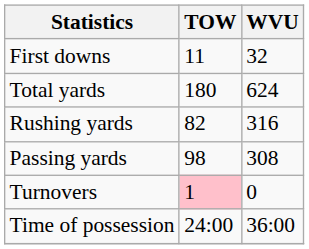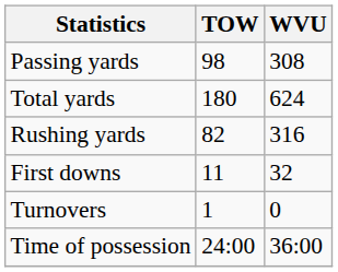 <table class="wikitable" style="float: left;">
 <tr>
 <th>Statistics</th>
 <th>TOW</th>
 <th>WVU</th>
 </tr>
 <tr>
-<td>First downs</td>
-<td>11</td>
-<td>32</td>
+<td>Passing yards</td>
+<td>98</td>
+<td>308</td>
 </tr>
 <tr>
 <td>Total yards</td>
 <td>180</td>
 <td>624</td>
 </tr>
 <tr>
 <td>Rushing yards</td>
 <td>82</td>
 <td>316</td>
 </tr>
 <tr>
-<td>Passing yards</td>
-<td>98</td>
-<td>308</td>
+<td>First downs</td>
+<td>11</td>
+<td>32</td>
 </tr>
 <tr>
 <td>Turnovers</td>
-<td style="background: pink;">1</td>
+<td>1</td>
 <td>0</td>
 </tr>
 <tr>
 <td>Time of possession</td>
 <td>24:00</td>
 <td>36:00</td>
 </tr>
 <tr>
 </tr>
 </table>
